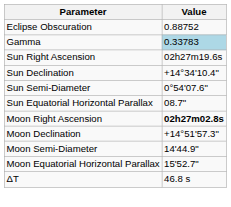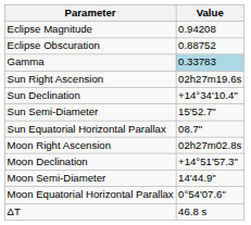 <table class="wikitable">
 <tr>
 <th>Parameter</th>
 <th>Value</th>
+</tr>
+<tr>
+<td>Eclipse Magnitude</td>
+<td>0.94208</td>
 </tr>
 <tr>
 <td>Eclipse Obscuration</td>
 <td>0.88752</td>
 </tr>
 <tr>
 <td>Gamma</td>
 <td style="background: lightblue;">0.33783</td>
 </tr>
 <tr>
 <td>Sun Right Ascension</td>
 <td>02h27m19.6s</td>
 </tr>
 <tr>
 <td>Sun Declination</td>
 <td>+14°34'10.4"</td>
 </tr>
 <tr>
 <td>Sun Semi-Diameter</td>
-<td>0°54'07.6"</td>
+<td>15'52.7"</td>
 </tr>
 <tr>
 <td>Sun Equatorial Horizontal Parallax</td>
 <td>08.7"</td>
 </tr>
 <tr>
 <td>Moon Right Ascension</td>
-<td><strong>02h27m02.8s</strong></td>
+<td>02h27m02.8s</td>
 </tr>
 <tr>
 <td>Moon Declination</td>
 <td>+14°51'57.3"</td>
 </tr>
 <tr>
 <td>Moon Semi-Diameter</td>
 <td>14'44.9"</td>
 </tr>
 <tr>
 <td>Moon Equatorial Horizontal Parallax</td>
-<td>15'52.7"</td>
+<td>0°54'07.6"</td>
 </tr>
 <tr>
 <td>ΔT</td>
 <td>46.8 s</td>
 </tr>
 </table>
